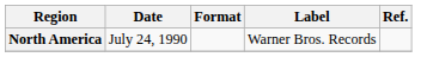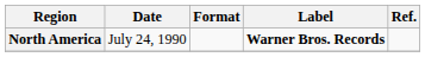 <table class="wikitable plainrowheaders">
 <tr>
 <th scope="col">Region</th>
 <th scope="col">Date</th>
 <th scope="col">Format</th>
 <th scope="col">Label</th>
 <th scope="col">Ref.</th>
 </tr>
 <tr>
 <th scope="row">North America</th>
 <td>July 24, 1990</td>
 <td></td>
-<td>Warner Bros. Records</td>
+<td><strong>Warner Bros. Records</strong></td>
 <td></td>
 </tr>
 <tr>
 </tr>
 </table>
